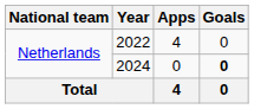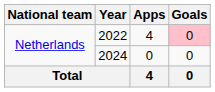 <table class="wikitable" style="text-align:center">
 <tr>
 <th>National team</th>
 <th>Year</th>
 <th>Apps</th>
 <th>Goals</th>
 </tr>
 <tr>
 <td rowspan="2"><a href='#'>Netherlands</a></td>
 <td>2022</td>
 <td>4</td>
-<td>0</td>
+<td style="background: pink;">0</td>
 </tr>
 <tr>
 <td>2024</td>
 <td>0</td>
-<td><strong>0</strong></td>
+<td>0</td>
 </tr>
 <tr>
 <th colspan="2">Total</th>
 <th>4</th>
 <th>0</th>
 </tr>
 </table>
